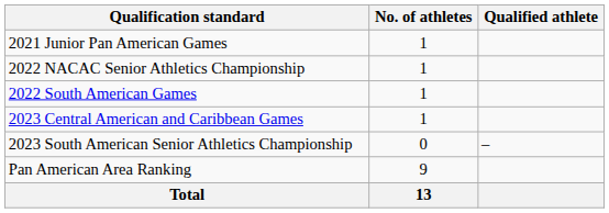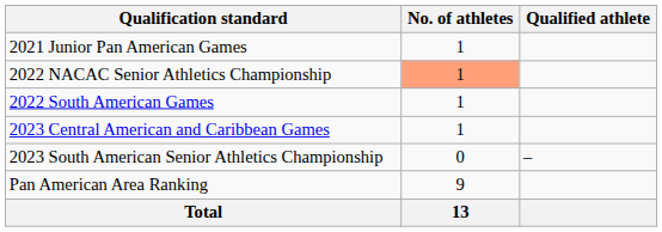 <table class="wikitable" style="text-align:left; width:600px;">
 <tr>
 <th>Qualification standard</th>
 <th>No. of athletes</th>
 <th>Qualified athlete</th>
 </tr>
 <tr>
 <td>2021 Junior Pan American Games</td>
 <td align=center>1</td>
 <td></td>
 </tr>
 <tr>
 <td>2022 NACAC Senior Athletics Championship</td>
-<td align=center>1</td>
+<td align=center style="background: lightsalmon;">1</td>
 <td></td>
 </tr>
 <tr>
 <td><a href='#'>2022 South American Games</a></td>
 <td align=center>1</td>
 <td></td>
 </tr>
 <tr>
 <td><a href='#'>2023 Central American and Caribbean Games</a></td>
 <td align=center>1</td>
 <td></td>
 </tr>
 <tr>
 <td>2023 South American Senior Athletics Championship</td>
 <td align=center>0</td>
 <td>–</td>
 </tr>
 <tr>
 <td>Pan American Area Ranking</td>
 <td align=center>9</td>
 <td></td>
 </tr>
 <tr>
 <th>Total</th>
 <th>13</th>
 <th colspan=2></th>
 </tr>
 </table>
